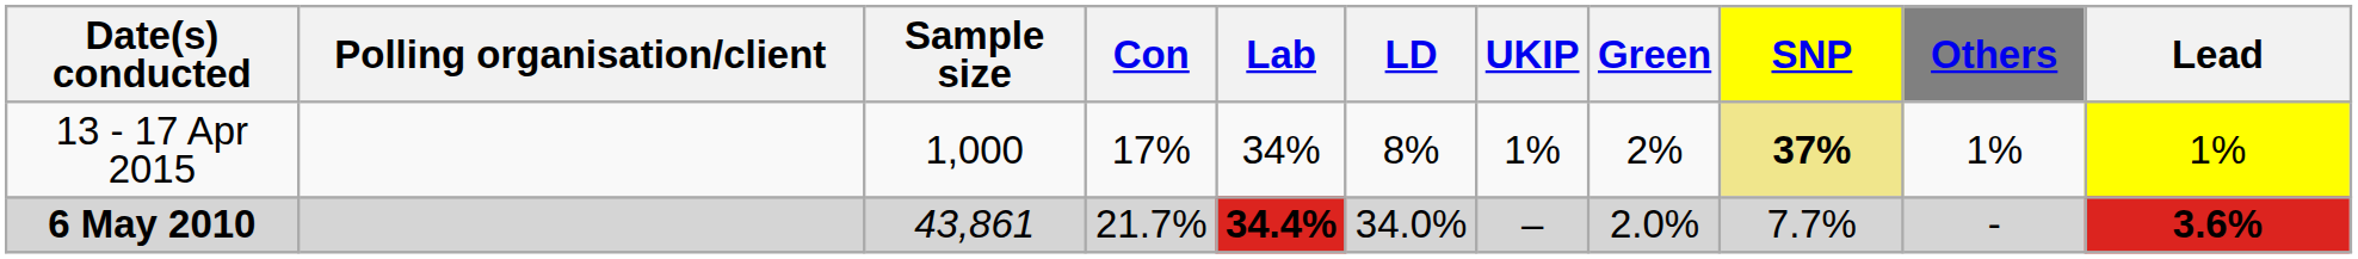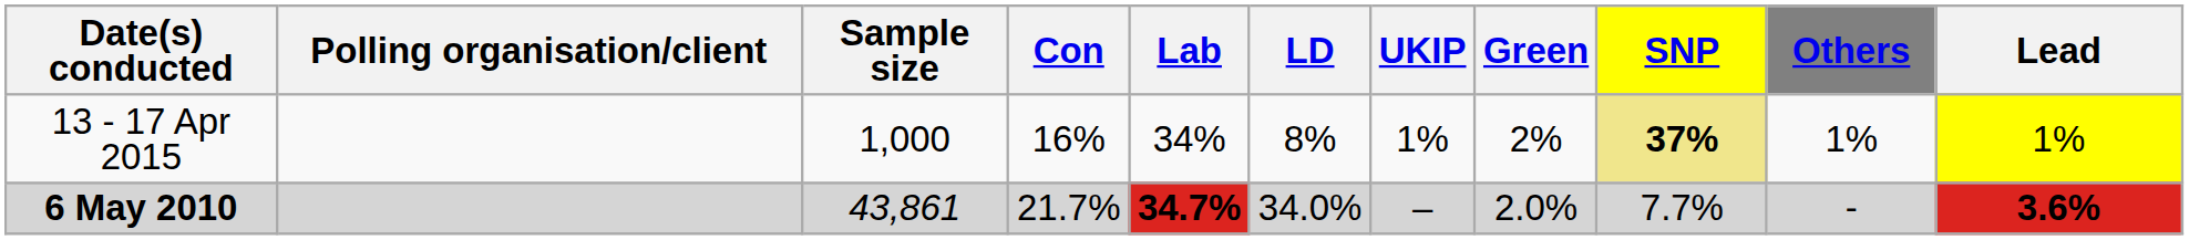 <table class="wikitable sortable" style="text-align:center;font-size:90%;line-height:14px">
 <tr>
 <th ! style="width:100px;">Date(s)<br>conducted</th>
 <th style="width:200px;">Polling organisation/client</th>
 <th class="unsortable" style="width:75px;">Sample size</th>
 <th class="unsortable" style="background:"><a href='#'><span>Con</span></a></th>
 <th class="unsortable" style="background:"><a href='#'><span>Lab</span></a></th>
 <th class="unsortable" style="background:"><a href='#'><span>LD</span></a></th>
 <th class="unsortable" style="background:"><a href='#'><span>UKIP</span></a></th>
 <th class="unsortable" style="background:"><a href='#'><span>Green</span></a></th>
 <th class="unsortable" style="background:#ffff00; width:60px;"><a href='#'><span>SNP</span></a></th>
 <th class="unsortable" style="background:gray; width:60px;"><a href='#'><span>Others</span></a></th>
 <th class="unsortable" style="width:90px;">Lead</th>
 </tr>
 <tr>
 <td>13 - 17 Apr 2015</td>
 <td> </td>
 <td>1,000</td>
-<td>17%</td>
+<td>16%</td>
 <td>34%</td>
 <td>8%</td>
 <td>1%</td>
 <td>2%</td>
 <td style="background:khaki"><strong>37%</strong></td>
 <td>1%</td>
 <td style="background:#ff0"><span>1% </span></td>
 </tr>
 <tr>
 <td style="background:#D5D5D5"><strong>6 May 2010</strong></td>
 <td style="background:#D5D5D5"></td>
 <td style="background:#D5D5D5"><em>43,861</em></td>
 <td style="background:#D5D5D5">21.7%</td>
-<td style="background:#dc241f"><span><strong>34.4%</strong></span></td>
+<td style="background:#dc241f"><span><strong>34.7%</strong></span></td>
 <td style="background:#D5D5D5">34.0%</td>
 <td style="background:#D5D5D5">–</td>
 <td style="background:#D5D5D5">2.0%</td>
 <td style="background:#D5D5D5">7.7%</td>
 <td style="background:#D5D5D5">-</td>
 <td style="background:#dc241f"><span><strong>3.6% </strong></span></td>
 </tr>
 </table>
